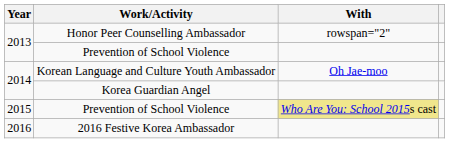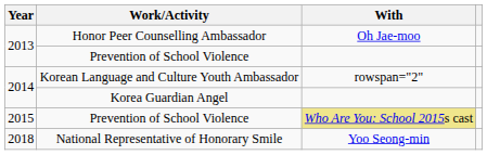 <table class="wikitable" style="text-align:center">
 <tr>
 <th scope="col">Year</th>
 <th>Work/Activity</th>
 <th>With</th>
 <th scope="col" class="unsortable"></th>
 </tr>
 <tr>
 <td rowspan="2">2013</td>
 <td>Honor Peer Counselling Ambassador</td>
-<td>rowspan="2" </td>
+<td><a href='#'>Oh Jae-moo</a></td>
 <td></td>
 </tr>
 <tr>
 <td>Prevention of School Violence</td>
 <td></td>
 </tr>
 <tr>
 <td rowspan="2">2014</td>
 <td>Korean Language and Culture Youth Ambassador</td>
-<td><a href='#'>Oh Jae-moo</a></td>
+<td>rowspan="2" </td>
 <td></td>
 </tr>
 <tr>
 <td>Korea Guardian Angel</td>
 <td></td>
 <td></td>
 </tr>
 <tr>
 <td>2015</td>
 <td>Prevention of School Violence</td>
 <td style="background: khaki;"><em><a href='#'>Who Are You: School 2015</a></em>s cast</td>
 <td></td>
 </tr>
 <tr>
-<td>2016</td>
-<td>2016 Festive Korea Ambassador</td>
-<td></td>
+<td>2018</td>
+<td>National Representative of Honorary Smile</td>
+<td><a href='#'>Yoo Seong-min</a></td>
 <td></td>
 </tr>
 </table>
